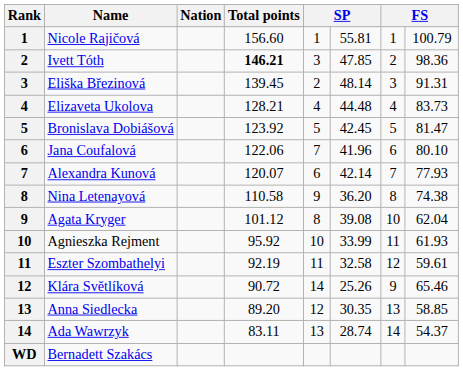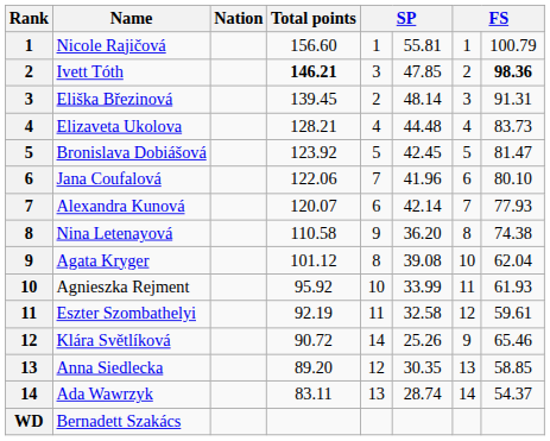 <table class="wikitable sortable">
 <tr>
 <th>Rank</th>
 <th>Name</th>
 <th>Nation</th>
 <th>Total points</th>
 <th colspan=2 width=80px><a href='#'>SP</a></th>
 <th colspan=2 width=80px><a href='#'>FS</a></th>
 </tr>
 <tr>
 <th>1</th>
 <td><a href='#'>Nicole Rajičová</a></td>
 <td></td>
 <td align=center>156.60</td>
 <td align=center>1</td>
 <td align=center>55.81</td>
 <td align=center>1</td>
 <td align=center>100.79</td>
 </tr>
 <tr>
 <th>2</th>
 <td><a href='#'>Ivett Tóth</a></td>
 <td></td>
 <td align=center><strong>146.21</strong></td>
 <td align=center>3</td>
 <td align=center>47.85</td>
 <td align=center>2</td>
-<td align=center>98.36</td>
+<td align=center><strong>98.36</strong></td>
 </tr>
 <tr>
 <th>3</th>
 <td><a href='#'>Eliška Březinová</a></td>
 <td></td>
 <td align=center>139.45</td>
 <td align=center>2</td>
 <td align=center>48.14</td>
 <td align=center>3</td>
 <td align=center>91.31</td>
 </tr>
 <tr>
 <th>4</th>
 <td><a href='#'>Elizaveta Ukolova</a></td>
 <td></td>
 <td align=center>128.21</td>
 <td align=center>4</td>
 <td align=center>44.48</td>
 <td align=center>4</td>
 <td align=center>83.73</td>
 </tr>
 <tr>
 <th>5</th>
 <td><a href='#'>Bronislava Dobiášová</a></td>
 <td></td>
 <td align=center>123.92</td>
 <td align=center>5</td>
 <td align=center>42.45</td>
 <td align=center>5</td>
 <td align=center>81.47</td>
 </tr>
 <tr>
 <th>6</th>
 <td><a href='#'>Jana Coufalová</a></td>
 <td></td>
 <td align=center>122.06</td>
 <td align=center>7</td>
 <td align=center>41.96</td>
 <td align=center>6</td>
 <td align=center>80.10</td>
 </tr>
 <tr>
 <th>7</th>
 <td><a href='#'>Alexandra Kunová</a></td>
 <td></td>
 <td align=center>120.07</td>
 <td align=center>6</td>
 <td align=center>42.14</td>
 <td align=center>7</td>
 <td align=center>77.93</td>
 </tr>
 <tr>
 <th>8</th>
 <td><a href='#'>Nina Letenayová</a></td>
 <td></td>
 <td align=center>110.58</td>
 <td align=center>9</td>
 <td align=center>36.20</td>
 <td align=center>8</td>
 <td align=center>74.38</td>
 </tr>
 <tr>
 <th>9</th>
 <td><a href='#'>Agata Kryger</a></td>
 <td></td>
 <td align=center>101.12</td>
 <td align=center>8</td>
 <td align=center>39.08</td>
 <td align=center>10</td>
 <td align=center>62.04</td>
 </tr>
 <tr>
 <th>10</th>
 <td>Agnieszka Rejment</td>
 <td></td>
 <td align=center>95.92</td>
 <td align=center>10</td>
 <td align=center>33.99</td>
 <td align=center>11</td>
 <td align=center>61.93</td>
 </tr>
 <tr>
 <th>11</th>
 <td><a href='#'>Eszter Szombathelyi</a></td>
 <td></td>
 <td align=center>92.19</td>
 <td align=center>11</td>
 <td align=center>32.58</td>
 <td align=center>12</td>
 <td align=center>59.61</td>
 </tr>
 <tr>
 <th>12</th>
 <td><a href='#'>Klára Světlíková</a></td>
 <td></td>
 <td align=center>90.72</td>
 <td align=center>14</td>
 <td align=center>25.26</td>
 <td align=center>9</td>
 <td align=center>65.46</td>
 </tr>
 <tr>
 <th>13</th>
 <td><a href='#'>Anna Siedlecka</a></td>
 <td></td>
 <td align=center>89.20</td>
 <td align=center>12</td>
 <td align=center>30.35</td>
 <td align=center>13</td>
 <td align=center>58.85</td>
 </tr>
 <tr>
 <th>14</th>
 <td><a href='#'>Ada Wawrzyk</a></td>
 <td></td>
 <td align=center>83.11</td>
 <td align=center>13</td>
 <td align=center>28.74</td>
 <td align=center>14</td>
 <td align=center>54.37</td>
 </tr>
 <tr>
 <th>WD</th>
 <td><a href='#'>Bernadett Szakács</a></td>
 <td></td>
 <td></td>
 <td></td>
 <td></td>
 <td></td>
 <td></td>
 </tr>
 </table>
